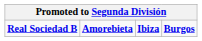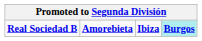 <table class="wikitable" style="text-align: center; margin: 0 auto;">
 <tr>
 <th colspan="4">Promoted to <a href='#'>Segunda División</a></th>
 </tr>
 <tr>
 <td><strong><a href='#'>Real Sociedad B</a></strong><br></td>
 <td><strong><a href='#'>Amorebieta</a></strong><br></td>
 <td><strong><a href='#'>Ibiza</a></strong><br></td>
-<td><strong><a href='#'>Burgos</a></strong><br></td>
+<td style="background: paleturquoise;"><strong><a href='#'>Burgos</a></strong><br></td>
 </tr>
 </table>
